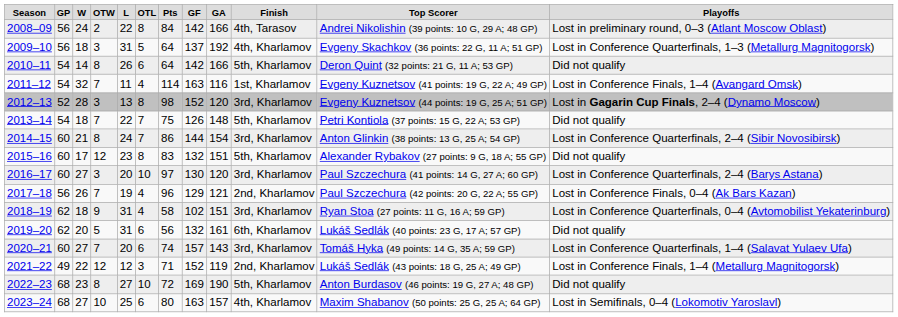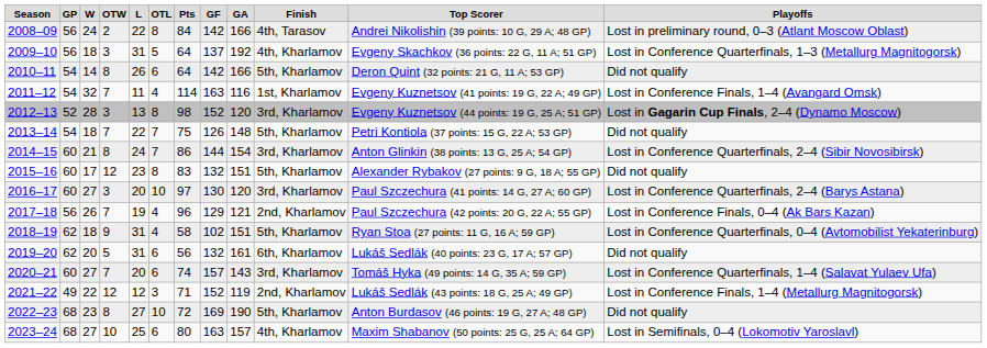 <table class="wikitable">
 <tr style="text-align:center; font-size:small; background:#ddd; padding:5px;"|>
 <td><strong>Season</strong></td>
 <td><strong>GP</strong></td>
 <td><strong>W</strong></td>
 <td><strong>OTW</strong></td>
 <td><strong>L</strong></td>
 <td><strong>OTL</strong></td>
 <td><strong>Pts</strong></td>
 <td><strong>GF</strong></td>
 <td><strong>GA</strong></td>
 <td><strong>Finish</strong></td>
 <td><strong>Top Scorer</strong></td>
 <td><strong>Playoffs</strong></td>
 </tr>
 <tr style="background:#eee;">
 <td><a href='#'>2008–09</a></td>
 <td>56</td>
 <td>24</td>
 <td>2</td>
 <td>22</td>
 <td>8</td>
 <td>84</td>
 <td>142</td>
 <td>166</td>
 <td>4th, Tarasov</td>
 <td><a href='#'>Andrei Nikolishin</a> <small>(39 points: 10 G, 29 A; 48 GP)</small></td>
 <td>Lost in preliminary round, 0–3 (<a href='#'>Atlant Moscow Oblast</a>)</td>
 </tr>
 <tr>
 <td><a href='#'>2009–10</a></td>
 <td>56</td>
 <td>18</td>
 <td>3</td>
 <td>31</td>
 <td>5</td>
 <td>64</td>
 <td>137</td>
 <td>192</td>
 <td>4th, Kharlamov</td>
 <td><a href='#'>Evgeny Skachkov</a> <small>(36 points: 22 G, 11 A; 51 GP)</small></td>
 <td>Lost in Conference Quarterfinals, 1–3 (<a href='#'>Metallurg Magnitogorsk</a>)</td>
 </tr>
 <tr style="background:#eee;">
 <td><a href='#'>2010–11</a></td>
 <td>54</td>
 <td>14</td>
 <td>8</td>
 <td>26</td>
 <td>6</td>
 <td>64</td>
 <td>142</td>
 <td>166</td>
 <td>5th, Kharlamov</td>
 <td><a href='#'>Deron Quint</a> <small>(32 points: 21 G, 11 A; 53 GP)</small></td>
 <td>Did not qualify</td>
 </tr>
 <tr>
 <td><a href='#'>2011–12</a></td>
 <td>54</td>
 <td>32</td>
 <td>7</td>
 <td>11</td>
 <td>4</td>
 <td>114</td>
 <td>163</td>
 <td>116</td>
 <td>1st, Kharlamov</td>
 <td><a href='#'>Evgeny Kuznetsov</a> <small>(41 points: 19 G, 22 A; 49 GP)</small></td>
 <td>Lost in Conference Finals, 1–4 (<a href='#'>Avangard Omsk</a>)</td>
 </tr>
 <tr style="background:silver;">
 <td><a href='#'>2012–13</a></td>
 <td>52</td>
 <td>28</td>
 <td>3</td>
 <td>13</td>
 <td>8</td>
 <td>98</td>
 <td>152</td>
 <td>120</td>
 <td>3rd, Kharlamov</td>
 <td><a href='#'>Evgeny Kuznetsov</a> <small>(44 points: 19 G, 25 A; 51 GP)</small></td>
 <td>Lost in <strong>Gagarin Cup Finals</strong>, 2–4 (<a href='#'>Dynamo Moscow</a>)</td>
 </tr>
 <tr>
 <td><a href='#'>2013–14</a></td>
 <td>54</td>
 <td>18</td>
 <td>7</td>
 <td>22</td>
 <td>7</td>
 <td>75</td>
 <td>126</td>
 <td>148</td>
 <td>5th, Kharlamov</td>
 <td><a href='#'>Petri Kontiola</a> <small>(37 points: 15 G, 22 A; 53 GP)</small></td>
 <td>Did not qualify</td>
 </tr>
 <tr style="background:#eee;">
 <td><a href='#'>2014–15</a></td>
 <td>60</td>
 <td>21</td>
 <td>8</td>
 <td>24</td>
 <td>7</td>
 <td>86</td>
 <td>144</td>
 <td>154</td>
 <td>3rd, Kharlamov</td>
 <td><a href='#'>Anton Glinkin</a> <small>(38 points: 13 G, 25 A; 54 GP)</small></td>
 <td>Lost in Conference Quarterfinals, 2–4 (<a href='#'>Sibir Novosibirsk</a>)</td>
 </tr>
 <tr>
 <td><a href='#'>2015–16</a></td>
 <td>60</td>
 <td>17</td>
 <td>12</td>
 <td>23</td>
 <td>8</td>
 <td>83</td>
 <td>132</td>
 <td>151</td>
 <td>5th, Kharlamov</td>
 <td><a href='#'>Alexander Rybakov</a> <small>(27 points: 9 G, 18 A; 55 GP)</small></td>
 <td>Did not qualify</td>
 </tr>
 <tr style="background:#eee;">
 <td><a href='#'>2016–17</a></td>
 <td>60</td>
 <td>27</td>
 <td>3</td>
 <td>20</td>
 <td>10</td>
 <td>97</td>
 <td>130</td>
 <td>120</td>
 <td>3rd, Kharlamov</td>
 <td><a href='#'>Paul Szczechura</a> <small>(41 points: 14 G, 27 A; 60 GP)</small></td>
 <td>Lost in Conference Quarterfinals, 2–4 (<a href='#'>Barys Astana</a>)</td>
 </tr>
 <tr>
 <td><a href='#'>2017–18</a></td>
 <td>56</td>
 <td>26</td>
 <td>7</td>
 <td>19</td>
 <td>4</td>
 <td>96</td>
 <td>129</td>
 <td>121</td>
 <td>2nd, Kharlamov</td>
 <td><a href='#'>Paul Szczechura</a> <small>(42 points: 20 G, 22 A; 55 GP)</small></td>
 <td>Lost in Conference Finals, 0–4 (<a href='#'>Ak Bars Kazan</a>)</td>
 </tr>
 <tr style="background:#eee;">
 <td><a href='#'>2018–19</a></td>
 <td>62</td>
 <td>18</td>
 <td>9</td>
 <td>31</td>
 <td>4</td>
 <td>58</td>
 <td>102</td>
 <td>151</td>
-<td>3rd, Kharlamov</td>
+<td>5th, Kharlamov</td>
 <td><a href='#'>Ryan Stoa</a> <small>(27 points: 11 G, 16 A; 59 GP)</small></td>
 <td>Lost in Conference Quarterfinals, 0–4 (<a href='#'>Avtomobilist Yekaterinburg</a>)</td>
 </tr>
 <tr>
 <td><a href='#'>2019–20</a></td>
 <td>62</td>
 <td>20</td>
 <td>5</td>
 <td>31</td>
 <td>6</td>
 <td>56</td>
 <td>132</td>
 <td>161</td>
 <td>6th, Kharlamov</td>
 <td><a href='#'>Lukáš Sedlák</a> <small>(40 points: 23 G, 17 A; 57 GP)</small></td>
 <td>Did not qualify</td>
 </tr>
 <tr style="background:#eee;">
 <td><a href='#'>2020–21</a></td>
 <td>60</td>
 <td>27</td>
 <td>7</td>
 <td>20</td>
 <td>6</td>
 <td>74</td>
 <td>157</td>
 <td>143</td>
 <td>3rd, Kharlamov</td>
 <td><a href='#'>Tomáš Hyka</a> <small>(49 points: 14 G, 35 A; 59 GP)</small></td>
 <td>Lost in Conference Quarterfinals, 1–4 (<a href='#'>Salavat Yulaev Ufa</a>)</td>
 </tr>
 <tr>
 <td><a href='#'>2021–22</a></td>
 <td>49</td>
 <td>22</td>
 <td>12</td>
 <td>12</td>
 <td>3</td>
 <td>71</td>
 <td>152</td>
 <td>119</td>
 <td>2nd, Kharlamov</td>
 <td><a href='#'>Lukáš Sedlák</a> <small>(43 points: 18 G, 25 A; 49 GP)</small></td>
 <td>Lost in Conference Finals, 1–4 (<a href='#'>Metallurg Magnitogorsk</a>)</td>
 </tr>
 <tr style="background:#eee;">
 <td><a href='#'>2022–23</a></td>
 <td>68</td>
 <td>23</td>
 <td>8</td>
 <td>27</td>
 <td>10</td>
 <td>72</td>
 <td>169</td>
 <td>190</td>
 <td>5th, Kharlamov</td>
 <td><a href='#'>Anton Burdasov</a> <small>(46 points: 19 G, 27 A; 48 GP)</small></td>
 <td>Did not qualify</td>
 </tr>
 <tr>
 <td><a href='#'>2023–24</a></td>
 <td>68</td>
 <td>27</td>
 <td>10</td>
 <td>25</td>
 <td>6</td>
 <td>80</td>
 <td>163</td>
 <td>157</td>
 <td>4th, Kharlamov</td>
 <td><a href='#'>Maxim Shabanov</a> <small>(50 points: 25 G, 25 A; 64 GP)</small></td>
 <td>Lost in Semifinals, 0–4 (<a href='#'>Lokomotiv Yaroslavl</a>)</td>
 </tr>
 </table>
